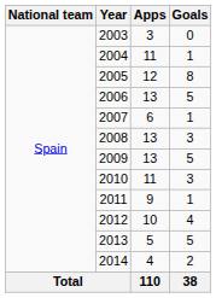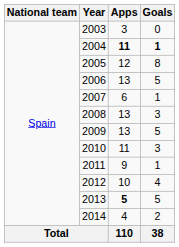 <table class=wikitable style=text-align:center>
 <tr>
 <th>National team</th>
 <th>Year</th>
 <th>Apps</th>
 <th>Goals</th>
 </tr>
 <tr>
 <td rowspan=12><a href='#'>Spain</a></td>
 <td>2003</td>
 <td>3</td>
 <td>0</td>
 </tr>
 <tr>
 <td>2004</td>
-<td>11</td>
-<td>1</td>
+<td><strong>11</strong></td>
+<td><strong>1</strong></td>
 </tr>
 <tr>
 <td>2005</td>
 <td>12</td>
 <td>8</td>
 </tr>
 <tr>
 <td>2006</td>
 <td>13</td>
 <td>5</td>
 </tr>
 <tr>
 <td>2007</td>
 <td>6</td>
 <td>1</td>
 </tr>
 <tr>
 <td>2008</td>
 <td>13</td>
 <td>3</td>
 </tr>
 <tr>
 <td>2009</td>
 <td>13</td>
 <td>5</td>
 </tr>
 <tr>
 <td>2010</td>
 <td>11</td>
 <td>3</td>
 </tr>
 <tr>
 <td>2011</td>
 <td>9</td>
 <td>1</td>
 </tr>
 <tr>
 <td>2012</td>
 <td>10</td>
 <td>4</td>
 </tr>
 <tr>
 <td>2013</td>
-<td>5</td>
+<td><strong>5</strong></td>
 <td>5</td>
 </tr>
 <tr>
 <td>2014</td>
 <td>4</td>
 <td>2</td>
 </tr>
 <tr>
 <th colspan=2>Total</th>
 <th>110</th>
 <th>38</th>
 </tr>
 </table>
